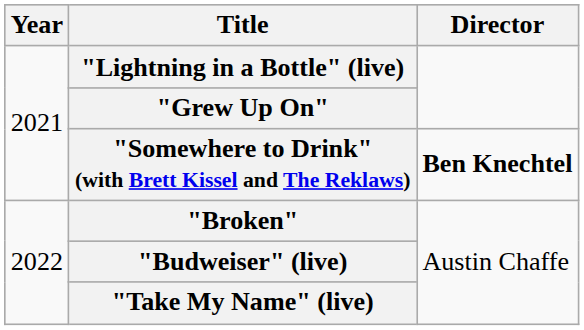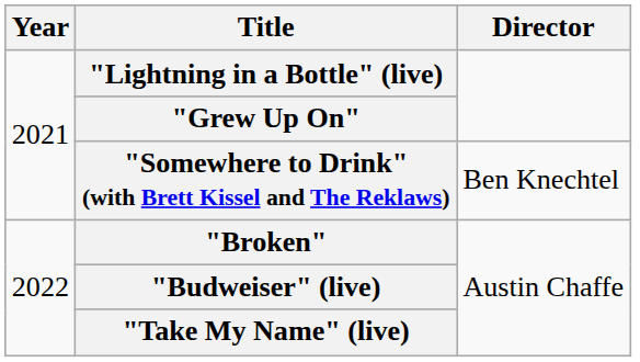 <table class="wikitable plainrowheaders">
 <tr>
 <th scope="col">Year</th>
 <th scope="col">Title</th>
 <th scope="col">Director</th>
 </tr>
 <tr>
 <td rowspan="3">2021</td>
 <th scope="row">"Lightning in a Bottle" (live)</th>
 <td rowspan="2"></td>
 </tr>
 <tr>
 <th scope="row">"Grew Up On"</th>
 </tr>
 <tr>
 <th scope="row">"Somewhere to Drink" <br><small>(with <a href='#'>Brett Kissel</a> and <a href='#'>The Reklaws</a>)</small></th>
-<td><strong>Ben Knechtel</strong></td>
+<td>Ben Knechtel</td>
 </tr>
 <tr>
 <td rowspan="3">2022</td>
 <th scope="row">"Broken"</th>
 <td rowspan="3">Austin Chaffe</td>
 </tr>
 <tr>
 <th scope="row">"Budweiser" (live)</th>
 </tr>
 <tr>
 <th scope="row">"Take My Name" (live)</th>
 </tr>
 </table>
